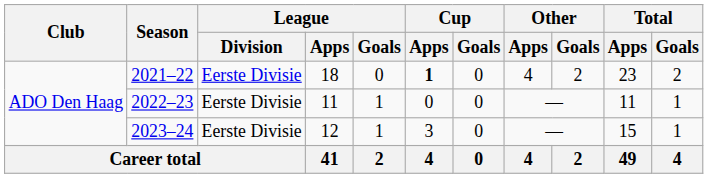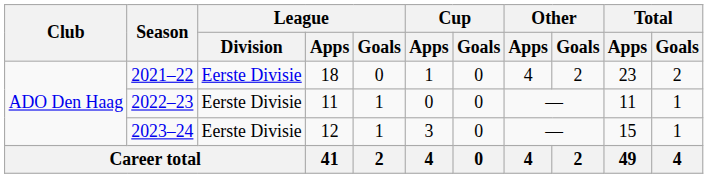 <table class="wikitable" style="text-align:center">
 <tr>
 <th rowspan="2">Club</th>
 <th rowspan="2">Season</th>
 <th colspan="3">League</th>
 <th colspan="2">Cup</th>
 <th colspan="2">Other</th>
 <th colspan="2">Total</th>
 </tr>
 <tr>
 <th>Division</th>
 <th>Apps</th>
 <th>Goals</th>
 <th>Apps</th>
 <th>Goals</th>
 <th>Apps</th>
 <th>Goals</th>
 <th>Apps</th>
 <th>Goals</th>
 </tr>
 <tr>
 <td rowspan="3"><a href='#'>ADO Den Haag</a></td>
 <td><a href='#'>2021–22</a></td>
 <td><a href='#'>Eerste Divisie</a></td>
 <td>18</td>
 <td>0</td>
-<td><strong>1</strong></td>
+<td>1</td>
 <td>0</td>
 <td>4</td>
 <td>2</td>
 <td>23</td>
 <td>2</td>
 </tr>
 <tr>
 <td><a href='#'>2022–23</a></td>
 <td>Eerste Divisie</td>
 <td>11</td>
 <td>1</td>
 <td>0</td>
 <td>0</td>
 <td colspan="2">—</td>
 <td>11</td>
 <td>1</td>
 </tr>
 <tr>
 <td><a href='#'>2023–24</a></td>
 <td>Eerste Divisie</td>
 <td>12</td>
 <td>1</td>
 <td>3</td>
 <td>0</td>
 <td colspan="2">—</td>
 <td>15</td>
 <td>1</td>
 </tr>
 <tr>
 <th colspan="3">Career total</th>
 <th>41</th>
 <th>2</th>
 <th>4</th>
 <th>0</th>
 <th>4</th>
 <th>2</th>
 <th>49</th>
 <th>4</th>
 </tr>
 </table>
